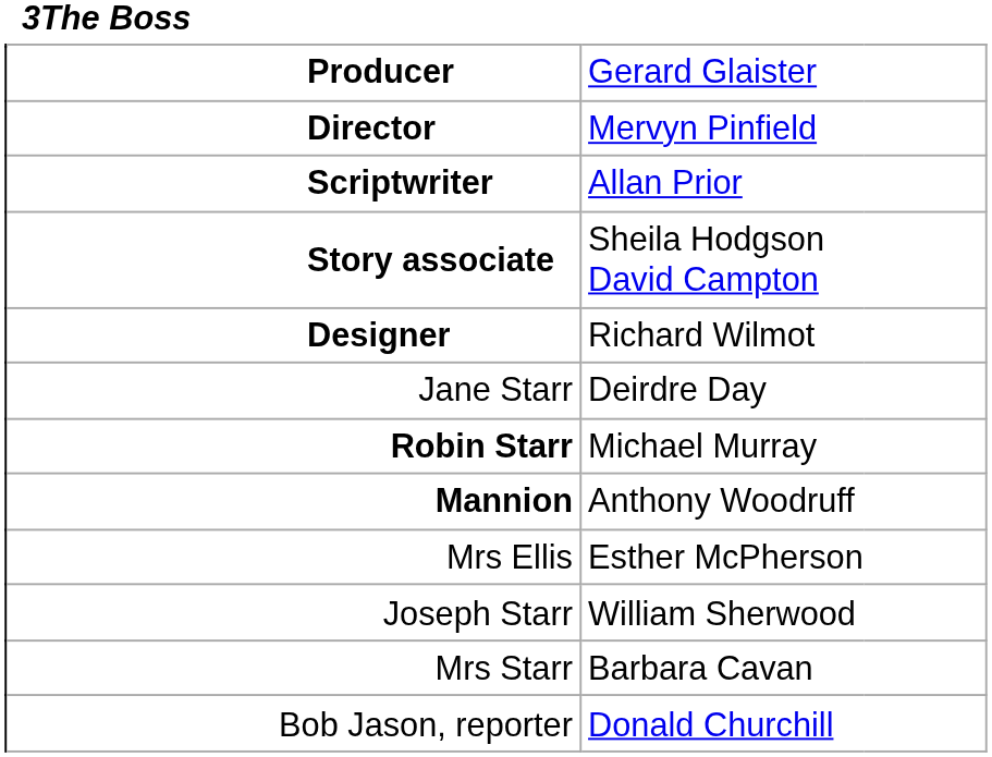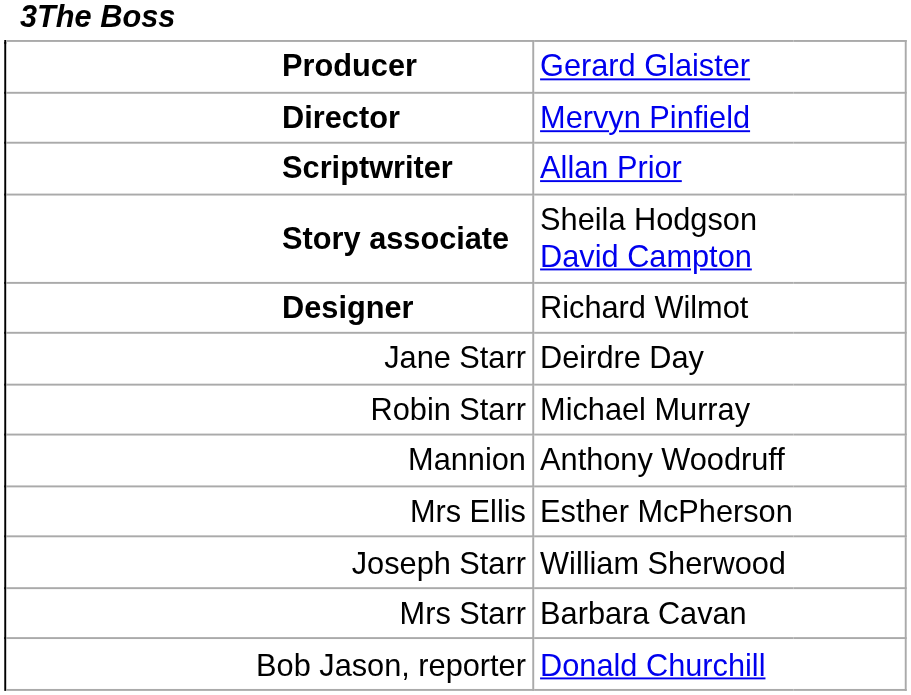 <table class="wikitable mw-collapsible mw-collapsed" style="vertical-align:top;margin:auto 2em;line-height:1.2;min-width:33em;display: inline-table;background-color:inherit;border:none;">
 <tr>
 <td class=unsortable style="border:hidden;line-height:1.67;text-align:center;margin-left:-1em;padding-left:0.5em;min-width:1.0em;"></td>
 <td class=unsortable style="border:none;padding-left:0.5em;text-align:left;min-width:16.5em;font-weight:700;font-style:italic;">3The Boss</td>
 <td class=unsortable style="border:none;text-align:right;font-weight:normal;font-family:Courier;font-size:95%;letter-spacing:-1pt;min-width:8.5em;padding-right:0.2em;"></td>
 <td class=unsortable style="border:hidden;min-width:3.5em;padding-left:0;"></td>
 <td class=unsortable style="border:hidden;min-width:3.5em;font-size:95%;"></td>
 </tr>
 <tr>
 <td rowspan=100 style="border:none thin;border-right-style :solid;"></td>
 </tr>
 <tr>
 <td style="text-align:left;padding-left:9.0em;font-weight:bold;">Producer</td>
 <td colspan=2><a href='#'>Gerard Glaister</a></td>
 </tr>
 <tr>
 <td style="text-align:left;padding-left:9.0em;font-weight:bold;">Director</td>
 <td colspan=2><a href='#'>Mervyn Pinfield</a></td>
 </tr>
 <tr>
 <td style="text-align:left;padding-left:9.0em;font-weight:bold;">Scriptwriter</td>
 <td colspan=2><a href='#'>Allan Prior</a></td>
 </tr>
 <tr>
 <td style="text-align:left;padding-left:9.0em;font-weight:bold;">Story associate</td>
 <td colspan=2>Sheila Hodgson<br><a href='#'>David Campton</a></td>
 </tr>
 <tr>
 <td style="text-align:left;padding-left:9.0em;font-weight:bold;">Designer</td>
 <td colspan=2>Richard Wilmot</td>
 </tr>
 <tr>
 <td style="text-align:right;">Jane Starr</td>
 <td colspan=2>Deirdre Day</td>
 </tr>
 <tr>
-<td style="text-align:right;"><strong>Robin Starr</strong></td>
+<td style="text-align:right;">Robin Starr</td>
 <td colspan=2>Michael Murray</td>
 </tr>
 <tr>
-<td style="text-align:right;"><strong>Mannion</strong></td>
+<td style="text-align:right;">Mannion</td>
 <td colspan=2>Anthony Woodruff</td>
 </tr>
 <tr>
 <td style="text-align:right;">Mrs Ellis</td>
 <td colspan=2>Esther McPherson</td>
 </tr>
 <tr>
 <td style="text-align:right;">Joseph Starr</td>
 <td colspan=2>William Sherwood</td>
 </tr>
 <tr>
 <td style="text-align:right;">Mrs Starr</td>
 <td colspan=2>Barbara Cavan</td>
 </tr>
 <tr>
 <td style="text-align:right;">Bob Jason, reporter</td>
 <td colspan=2><a href='#'>Donald Churchill</a></td>
 </tr>
 </table>
